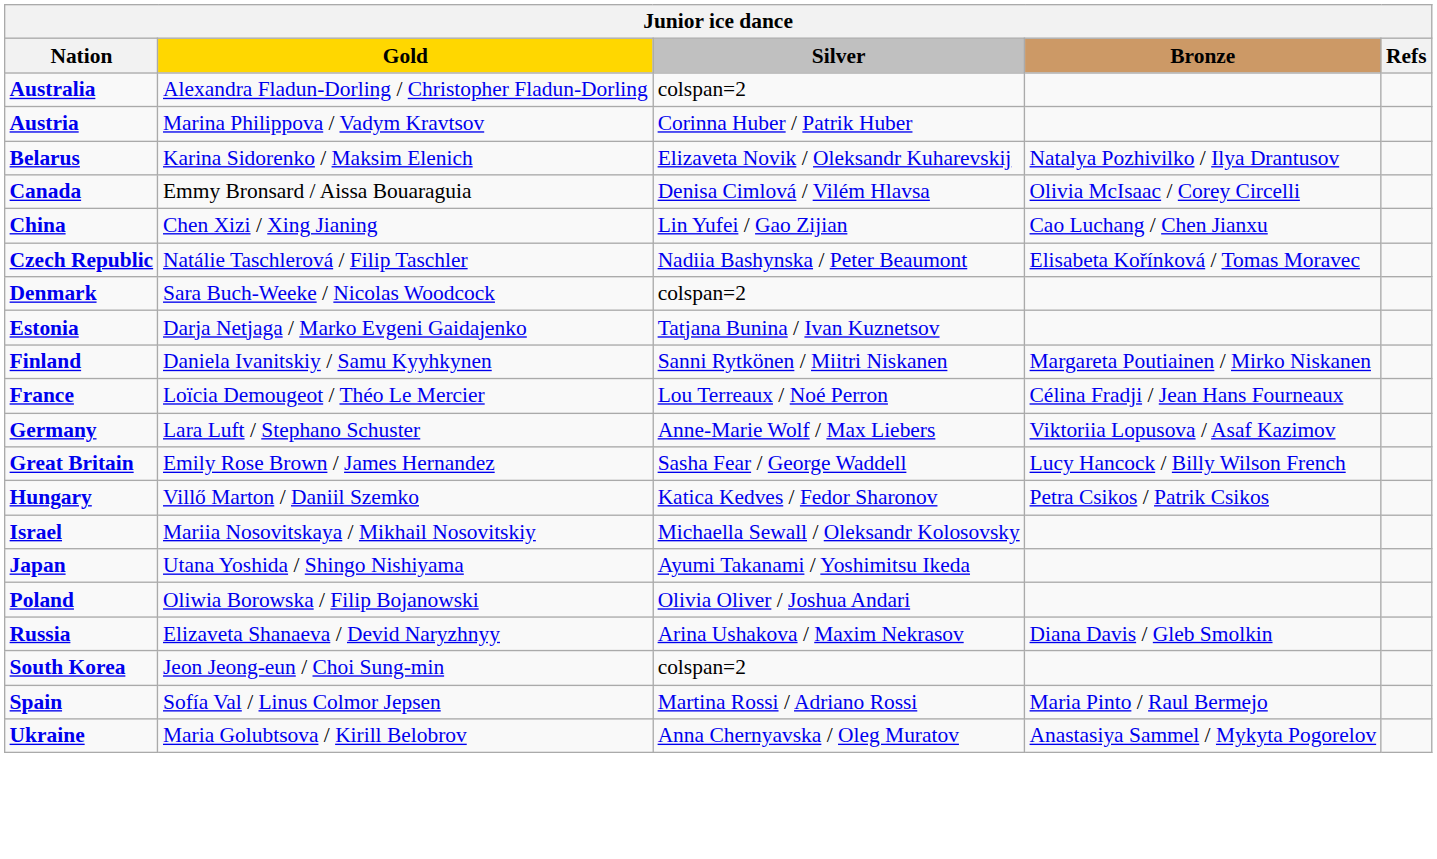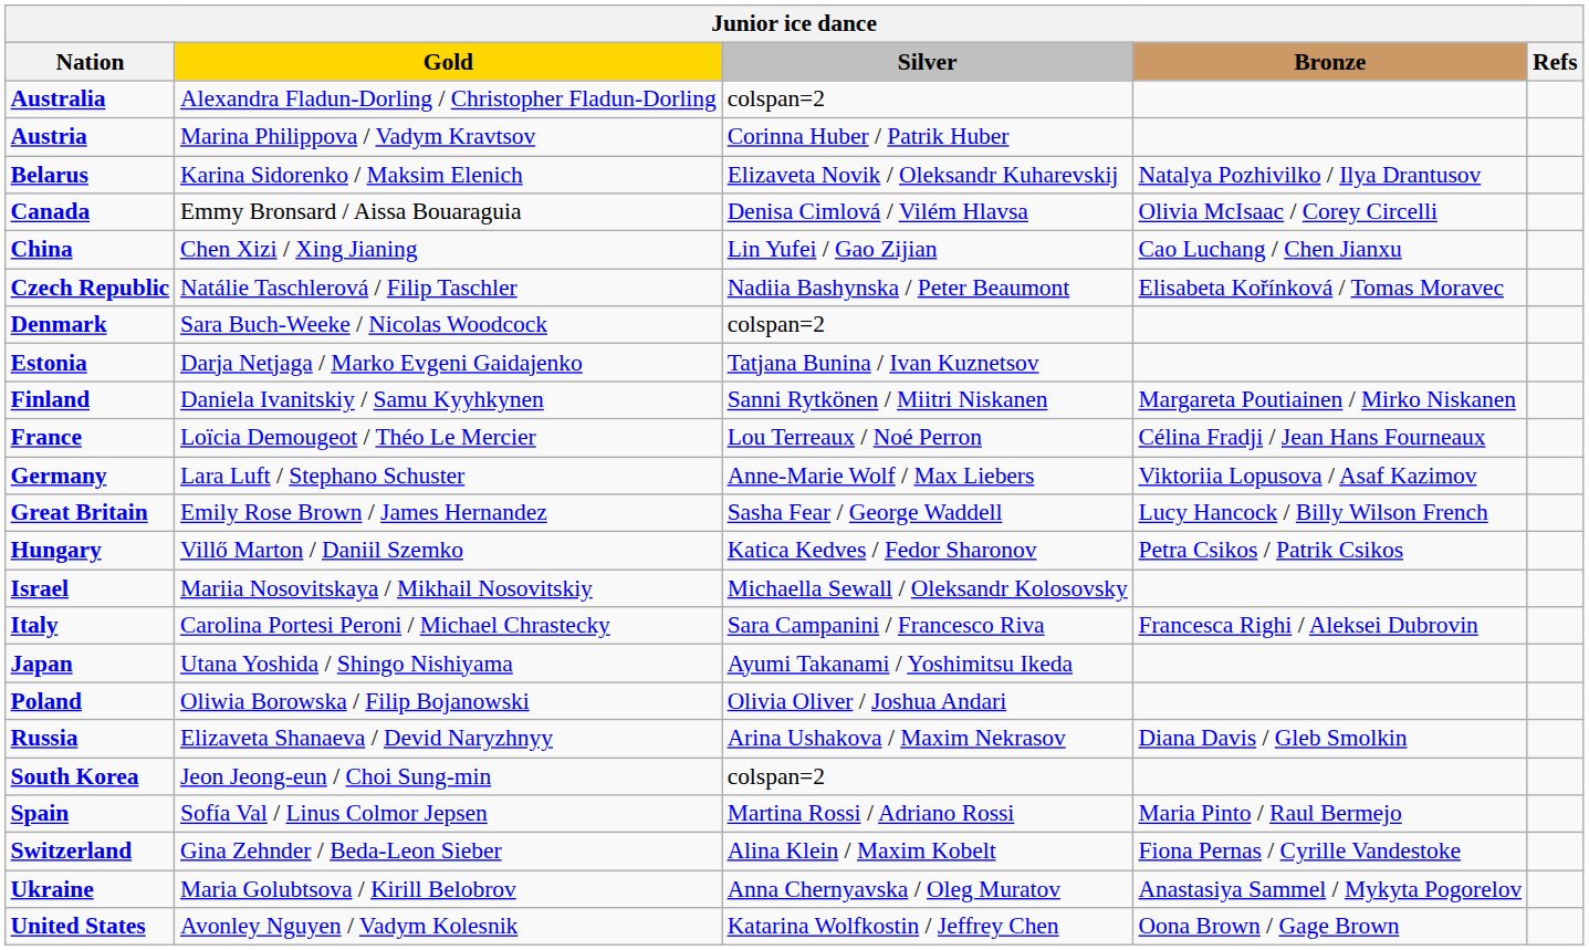 <table class="wikitable">
 <tr>
 <th colspan=5>Junior ice dance</th>
 </tr>
 <tr>
 <th>Nation</th>
 <td style="text-align:center; background:gold;"><strong>Gold</strong></td>
 <td style="text-align:center; background:silver;"><strong>Silver</strong></td>
 <td style="text-align:center; background:#c96;"><strong>Bronze</strong></td>
 <th>Refs</th>
 </tr>
 <tr>
 <td><strong> <a href='#'>Australia</a></strong></td>
 <td><a href='#'>Alexandra Fladun-Dorling</a> / <a href='#'>Christopher Fladun-Dorling</a></td>
 <td>colspan=2 </td>
 <td></td>
 </tr>
 <tr>
 <td><strong> <a href='#'>Austria</a></strong></td>
 <td><a href='#'>Marina Philippova</a> / <a href='#'>Vadym Kravtsov</a></td>
 <td><a href='#'>Corinna Huber</a> / <a href='#'>Patrik Huber</a></td>
 <td></td>
 <td></td>
 </tr>
 <tr>
 <td><strong> <a href='#'>Belarus</a></strong></td>
 <td><a href='#'>Karina Sidorenko</a> / <a href='#'>Maksim Elenich</a></td>
 <td><a href='#'>Elizaveta Novik</a> / <a href='#'>Oleksandr Kuharevskij</a></td>
 <td><a href='#'>Natalya Pozhivilko</a> / <a href='#'>Ilya Drantusov</a></td>
 <td></td>
 </tr>
 <tr>
 <td><strong> <a href='#'>Canada</a></strong></td>
 <td>Emmy Bronsard / Aissa Bouaraguia</td>
 <td><a href='#'>Denisa Cimlová</a> / <a href='#'>Vilém Hlavsa</a></td>
 <td><a href='#'>Olivia McIsaac</a> / <a href='#'>Corey Circelli</a></td>
 <td></td>
 </tr>
 <tr>
 <td><strong> <a href='#'>China</a></strong></td>
 <td><a href='#'>Chen Xizi</a> / <a href='#'>Xing Jianing</a></td>
 <td><a href='#'>Lin Yufei</a> / <a href='#'>Gao Zijian</a></td>
 <td><a href='#'>Cao Luchang</a> / <a href='#'>Chen Jianxu</a></td>
 <td></td>
 </tr>
 <tr>
 <td><strong> <a href='#'>Czech Republic</a></strong></td>
 <td><a href='#'>Natálie Taschlerová</a> / <a href='#'>Filip Taschler</a></td>
 <td><a href='#'>Nadiia Bashynska</a> / <a href='#'>Peter Beaumont</a></td>
 <td><a href='#'>Elisabeta Kořínková</a> / <a href='#'>Tomas Moravec</a></td>
 <td></td>
 </tr>
 <tr>
 <td><strong> <a href='#'>Denmark</a></strong></td>
 <td><a href='#'>Sara Buch-Weeke</a> / <a href='#'>Nicolas Woodcock</a></td>
 <td>colspan=2 </td>
 <td></td>
 </tr>
 <tr>
 <td><strong> <a href='#'>Estonia</a></strong></td>
 <td><a href='#'>Darja Netjaga</a> / <a href='#'>Marko Evgeni Gaidajenko</a></td>
 <td><a href='#'>Tatjana Bunina</a> / <a href='#'>Ivan Kuznetsov</a></td>
 <td></td>
 <td></td>
 </tr>
 <tr>
 <td><strong> <a href='#'>Finland</a></strong></td>
 <td><a href='#'>Daniela Ivanitskiy</a> / <a href='#'>Samu Kyyhkynen</a></td>
 <td><a href='#'>Sanni Rytkönen</a> / <a href='#'>Miitri Niskanen</a></td>
 <td><a href='#'>Margareta Poutiainen</a> / <a href='#'>Mirko Niskanen</a></td>
 <td></td>
 </tr>
 <tr>
 <td><strong> <a href='#'>France</a></strong></td>
 <td><a href='#'>Loïcia Demougeot</a> / <a href='#'>Théo Le Mercier</a></td>
 <td><a href='#'>Lou Terreaux</a> / <a href='#'>Noé Perron</a></td>
 <td><a href='#'>Célina Fradji</a> / <a href='#'>Jean Hans Fourneaux</a></td>
 <td></td>
 </tr>
 <tr>
 <td><strong> <a href='#'>Germany</a></strong></td>
 <td><a href='#'>Lara Luft</a> / <a href='#'>Stephano Schuster</a></td>
 <td><a href='#'>Anne-Marie Wolf</a> / <a href='#'>Max Liebers</a></td>
 <td><a href='#'>Viktoriia Lopusova</a> / <a href='#'>Asaf Kazimov</a></td>
 <td></td>
 </tr>
 <tr>
 <td><strong> <a href='#'>Great Britain</a></strong></td>
 <td><a href='#'>Emily Rose Brown</a> / <a href='#'>James Hernandez</a></td>
 <td><a href='#'>Sasha Fear</a> / <a href='#'>George Waddell</a></td>
 <td><a href='#'>Lucy Hancock</a> / <a href='#'>Billy Wilson French</a></td>
 <td></td>
 </tr>
 <tr>
 <td><strong> <a href='#'>Hungary</a></strong></td>
 <td><a href='#'>Villő Marton</a> / <a href='#'>Daniil Szemko</a></td>
 <td><a href='#'>Katica Kedves</a> / <a href='#'>Fedor Sharonov</a></td>
 <td><a href='#'>Petra Csikos</a> / <a href='#'>Patrik Csikos</a></td>
 <td></td>
 </tr>
 <tr>
 <td><strong> <a href='#'>Israel</a></strong></td>
 <td><a href='#'>Mariia Nosovitskaya</a> / <a href='#'>Mikhail Nosovitskiy</a></td>
 <td><a href='#'>Michaella Sewall</a> / <a href='#'>Oleksandr Kolosovsky</a></td>
 <td></td>
 <td></td>
 </tr>
 <tr>
+<td><strong> <a href='#'>Italy</a></strong></td>
+<td><a href='#'>Carolina Portesi Peroni</a> / <a href='#'>Michael Chrastecky</a></td>
+<td><a href='#'>Sara Campanini</a> / <a href='#'>Francesco Riva</a></td>
+<td><a href='#'>Francesca Righi</a> / <a href='#'>Aleksei Dubrovin</a></td>
+<td></td>
+</tr>
+<tr>
 <td><strong> <a href='#'>Japan</a></strong></td>
 <td><a href='#'>Utana Yoshida</a> / <a href='#'>Shingo Nishiyama</a></td>
 <td><a href='#'>Ayumi Takanami</a> / <a href='#'>Yoshimitsu Ikeda</a></td>
 <td></td>
 <td></td>
 </tr>
 <tr>
 <td><strong> <a href='#'>Poland</a></strong></td>
 <td><a href='#'>Oliwia Borowska</a> / <a href='#'>Filip Bojanowski</a></td>
 <td><a href='#'>Olivia Oliver</a> / <a href='#'>Joshua Andari</a></td>
 <td></td>
 <td></td>
 </tr>
 <tr>
 <td><strong> <a href='#'>Russia</a></strong></td>
 <td><a href='#'>Elizaveta Shanaeva</a> / <a href='#'>Devid Naryzhnyy</a></td>
 <td><a href='#'>Arina Ushakova</a> / <a href='#'>Maxim Nekrasov</a></td>
 <td><a href='#'>Diana Davis</a> / <a href='#'>Gleb Smolkin</a></td>
 <td></td>
 </tr>
 <tr>
 <td><strong> <a href='#'>South Korea</a></strong></td>
 <td><a href='#'>Jeon Jeong-eun</a> / <a href='#'>Choi Sung-min</a></td>
 <td>colspan=2 </td>
 <td></td>
 </tr>
 <tr>
 <td><strong> <a href='#'>Spain</a></strong></td>
 <td><a href='#'>Sofía Val</a> / <a href='#'>Linus Colmor Jepsen</a></td>
 <td><a href='#'>Martina Rossi</a> / <a href='#'>Adriano Rossi</a></td>
 <td><a href='#'>Maria Pinto</a>  / <a href='#'>Raul Bermejo</a></td>
 <td></td>
 </tr>
 <tr>
+<td><strong> <a href='#'>Switzerland</a></strong></td>
+<td><a href='#'>Gina Zehnder</a> / <a href='#'>Beda-Leon Sieber</a></td>
+<td><a href='#'>Alina Klein</a> / <a href='#'>Maxim Kobelt</a></td>
+<td><a href='#'>Fiona Pernas</a> / <a href='#'>Cyrille Vandestoke</a></td>
+<td></td>
+</tr>
+<tr>
 <td><strong> <a href='#'>Ukraine</a></strong></td>
 <td><a href='#'>Maria Golubtsova</a> / <a href='#'>Kirill Belobrov</a></td>
 <td><a href='#'>Anna Chernyavska</a> / <a href='#'>Oleg Muratov</a></td>
 <td><a href='#'>Anastasiya Sammel</a> / <a href='#'>Mykyta Pogorelov</a></td>
 <td></td>
 </tr>
+<tr>
+<td><strong> <a href='#'>United States</a></strong></td>
+<td><a href='#'>Avonley Nguyen</a> / <a href='#'>Vadym Kolesnik</a></td>
+<td><a href='#'>Katarina Wolfkostin</a> / <a href='#'>Jeffrey Chen</a></td>
+<td><a href='#'>Oona Brown</a> / <a href='#'>Gage Brown</a></td>
+<td></td>
+</tr>
 </table>
